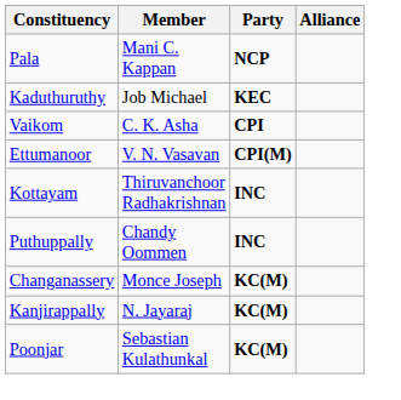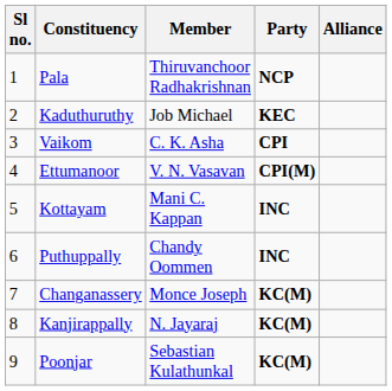 <table class="wikitable sortable" style="font-size:95%;">
 <tr>
+<th width="20px">Sl no.</th>
 <th width="75px">Constituency</th>
 <th width="85px">Member</th>
 <th width="35px">Party</th>
 <th width="35px">Alliance</th>
 </tr>
 <tr>
+<td>1</td>
 <td><a href='#'>Pala</a></td>
-<td><a href='#'>Mani C. Kappan</a></td>
+<td><a href='#'>Thiruvanchoor Radhakrishnan</a></td>
 <td style="background:"><strong>NCP</strong></td>
 <td></td>
 </tr>
 <tr>
+<td>2</td>
 <td><a href='#'>Kaduthuruthy</a></td>
 <td>Job Michael</td>
 <td style="background-color:"><strong>KEC</strong></td>
 <td></td>
 </tr>
 <tr>
+<td>3</td>
 <td><a href='#'>Vaikom</a></td>
 <td><a href='#'>C. K. Asha</a></td>
 <td style="background:"><strong>CPI</strong></td>
 <td></td>
 </tr>
 <tr>
+<td>4</td>
 <td><a href='#'>Ettumanoor</a></td>
 <td><a href='#'>V. N. Vasavan</a></td>
 <td style="background:"><strong>CPI(M)</strong></td>
 <td></td>
 </tr>
 <tr>
+<td>5</td>
 <td><a href='#'>Kottayam</a></td>
-<td><a href='#'>Thiruvanchoor Radhakrishnan</a></td>
+<td><a href='#'>Mani C. Kappan</a></td>
 <td style="background-color:"><strong>INC</strong></td>
 <td></td>
 </tr>
 <tr>
+<td>6</td>
 <td><a href='#'>Puthuppally</a></td>
 <td><a href='#'>Chandy Oommen</a></td>
 <td style="background-color:"><strong>INC</strong></td>
 <td></td>
 </tr>
 <tr>
+<td>7</td>
 <td><a href='#'>Changanassery</a></td>
 <td><a href='#'>Monce Joseph</a></td>
 <td style="background-color:"><strong>KC(M)</strong></td>
 <td></td>
 </tr>
 <tr>
+<td>8</td>
 <td><a href='#'>Kanjirappally</a></td>
 <td><a href='#'>N. Jayaraj</a></td>
 <td style="background-color:"><strong>KC(M)</strong></td>
 <td></td>
 </tr>
 <tr>
+<td>9</td>
 <td><a href='#'>Poonjar</a></td>
 <td><a href='#'>Sebastian Kulathunkal</a></td>
 <td style="background-color:"><strong>KC(M)</strong></td>
 <td></td>
 </tr>
 </table>
